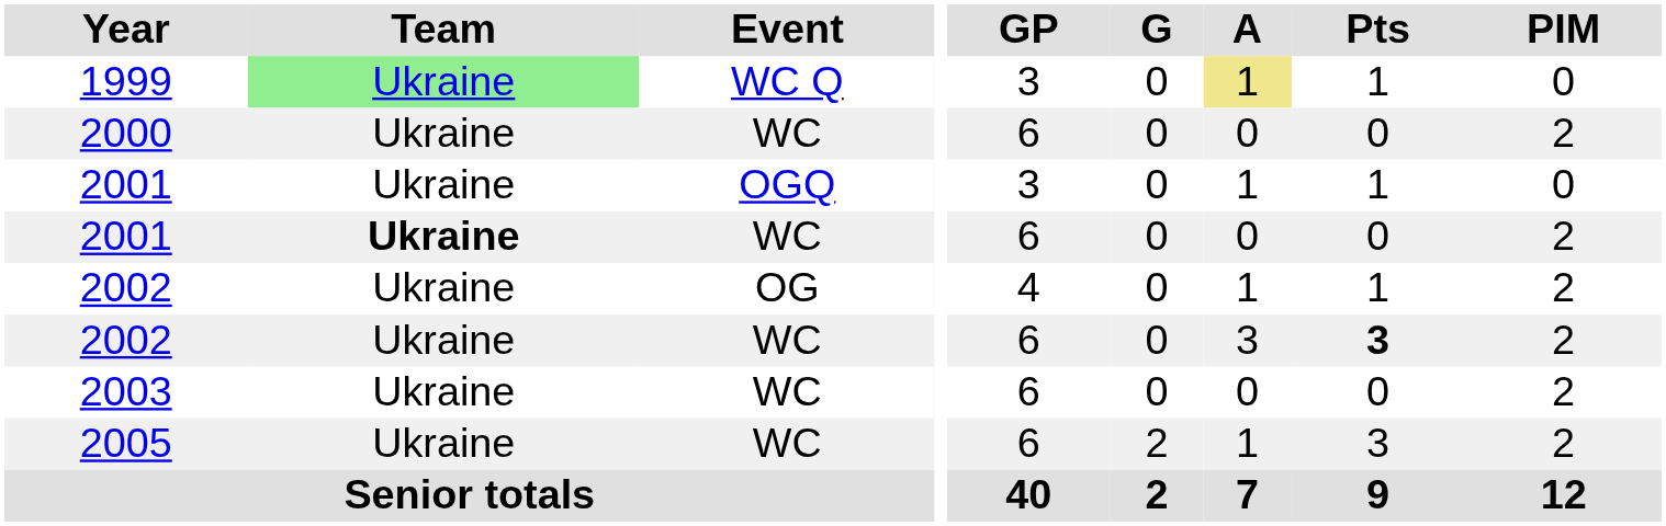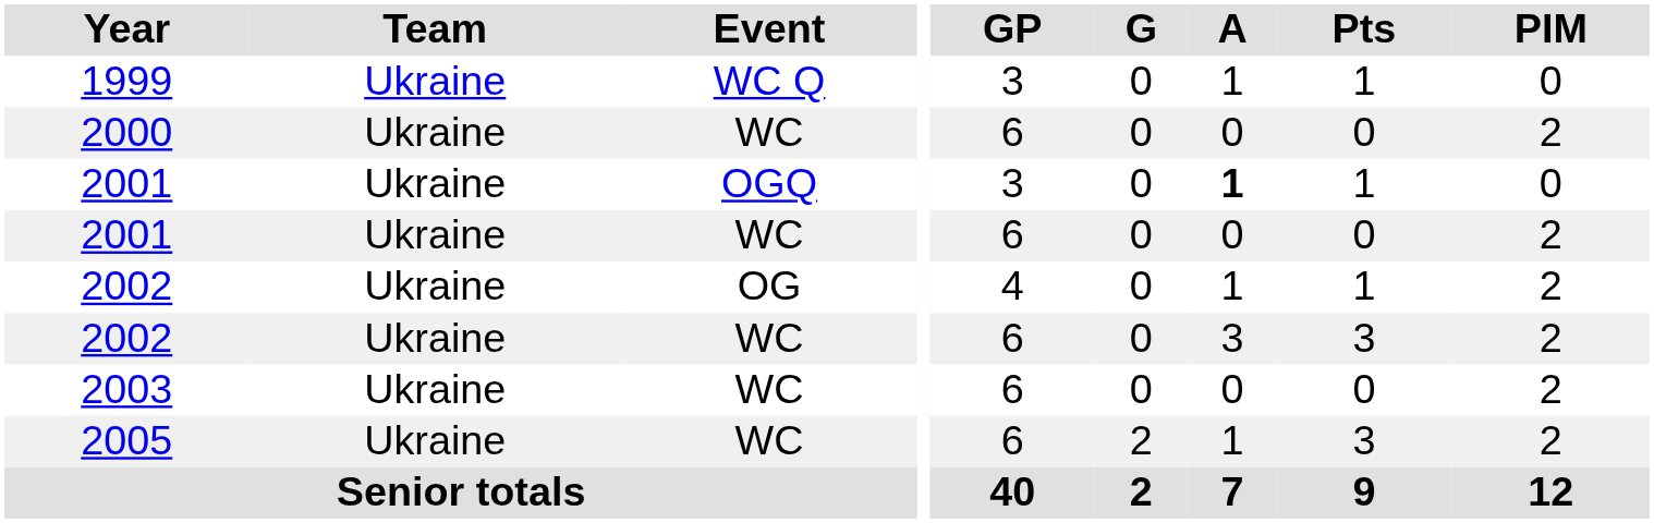 <table border="0" cellpadding="1" cellspacing="0" ID="Table3" style="text-align:center; width:40em">
 <tr bgcolor="#e0e0e0">
 <th>Year</th>
 <th>Team</th>
 <th>Event</th>
 <th rowspan="102" bgcolor="#ffffff"></th>
 <th>GP</th>
 <th>G</th>
 <th>A</th>
 <th>Pts</th>
 <th>PIM</th>
 </tr>
 <tr>
 <td><a href='#'>1999</a></td>
-<td style="background: lightgreen;"><a href='#'>Ukraine</a></td>
+<td><a href='#'>Ukraine</a></td>
 <td><a href='#'>WC Q</a></td>
 <td>3</td>
 <td>0</td>
-<td style="background: khaki;">1</td>
+<td>1</td>
 <td>1</td>
 <td>0</td>
 </tr>
 <tr bgcolor="#f0f0f0">
 <td><a href='#'>2000</a></td>
 <td>Ukraine</td>
 <td>WC</td>
 <td>6</td>
 <td>0</td>
 <td>0</td>
 <td>0</td>
 <td>2</td>
 </tr>
 <tr>
 <td><a href='#'>2001</a></td>
 <td>Ukraine</td>
 <td><a href='#'>OGQ</a></td>
 <td>3</td>
 <td>0</td>
-<td>1</td>
+<td><strong>1</strong></td>
 <td>1</td>
 <td>0</td>
 </tr>
 <tr bgcolor="#f0f0f0">
 <td><a href='#'>2001</a></td>
-<td><strong>Ukraine</strong></td>
+<td>Ukraine</td>
 <td>WC</td>
 <td>6</td>
 <td>0</td>
 <td>0</td>
 <td>0</td>
 <td>2</td>
 </tr>
 <tr>
 <td><a href='#'>2002</a></td>
 <td>Ukraine</td>
 <td>OG</td>
 <td>4</td>
 <td>0</td>
 <td>1</td>
 <td>1</td>
 <td>2</td>
 </tr>
 <tr bgcolor="#f0f0f0">
 <td><a href='#'>2002</a></td>
 <td>Ukraine</td>
 <td>WC</td>
 <td>6</td>
 <td>0</td>
 <td>3</td>
-<td><strong>3</strong></td>
+<td>3</td>
 <td>2</td>
 </tr>
 <tr>
 <td><a href='#'>2003</a></td>
 <td>Ukraine</td>
 <td>WC</td>
 <td>6</td>
 <td>0</td>
 <td>0</td>
 <td>0</td>
 <td>2</td>
 </tr>
 <tr bgcolor="#f0f0f0">
 <td><a href='#'>2005</a></td>
 <td>Ukraine</td>
 <td>WC</td>
 <td>6</td>
 <td>2</td>
 <td>1</td>
 <td>3</td>
 <td>2</td>
 </tr>
 <tr bgcolor="#e0e0e0">
 <th colspan="3">Senior totals</th>
 <th>40</th>
 <th>2</th>
 <th>7</th>
 <th>9</th>
 <th>12</th>
 </tr>
 </table>
